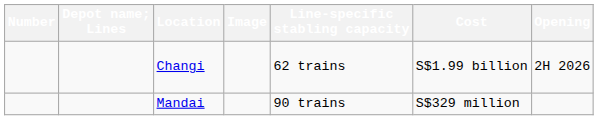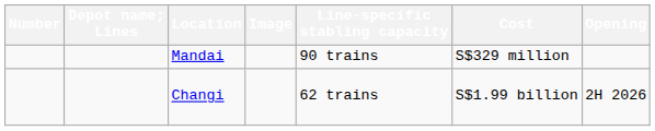 <table class="wikitable" style="color: black; border-collapse: collapse; font-size: 95%">
 <tr>
 <th scope="col" style="color: white; background:#">Number</th>
 <th scope="col" style="color: white; background:#">Depot name;<br>Lines</th>
 <th scope="col" style="color: white; background:#">Location</th>
 <th scope="col" style="color: white; background:#">Image</th>
 <th scope="col" style="color: white; background:#">Line-specific<br>stabling capacity</th>
 <th scope="col" style="color: white; background:#">Cost</th>
 <th scope="col" style="color: white; background:#">Opening</th>
 </tr>
 <tr>
 <td></td>
+<td> </td>
+<td><a href='#'>Mandai</a></td>
+<td></td>
+<td>90 trains</td>
+<td>S$329 million</td>
+<td></td>
+</tr>
+<tr>
+<td></td>
 <td>  <br>   <br>  </td>
 <td><a href='#'>Changi</a></td>
 <td></td>
 <td>62 trains</td>
 <td>S$1.99 billion</td>
 <td align=center>2H 2026</td>
 </tr>
-<tr>
-<td></td>
-<td> </td>
-<td><a href='#'>Mandai</a></td>
-<td></td>
-<td>90 trains</td>
-<td>S$329 million</td>
-<td></td>
-</tr>
 </table>
